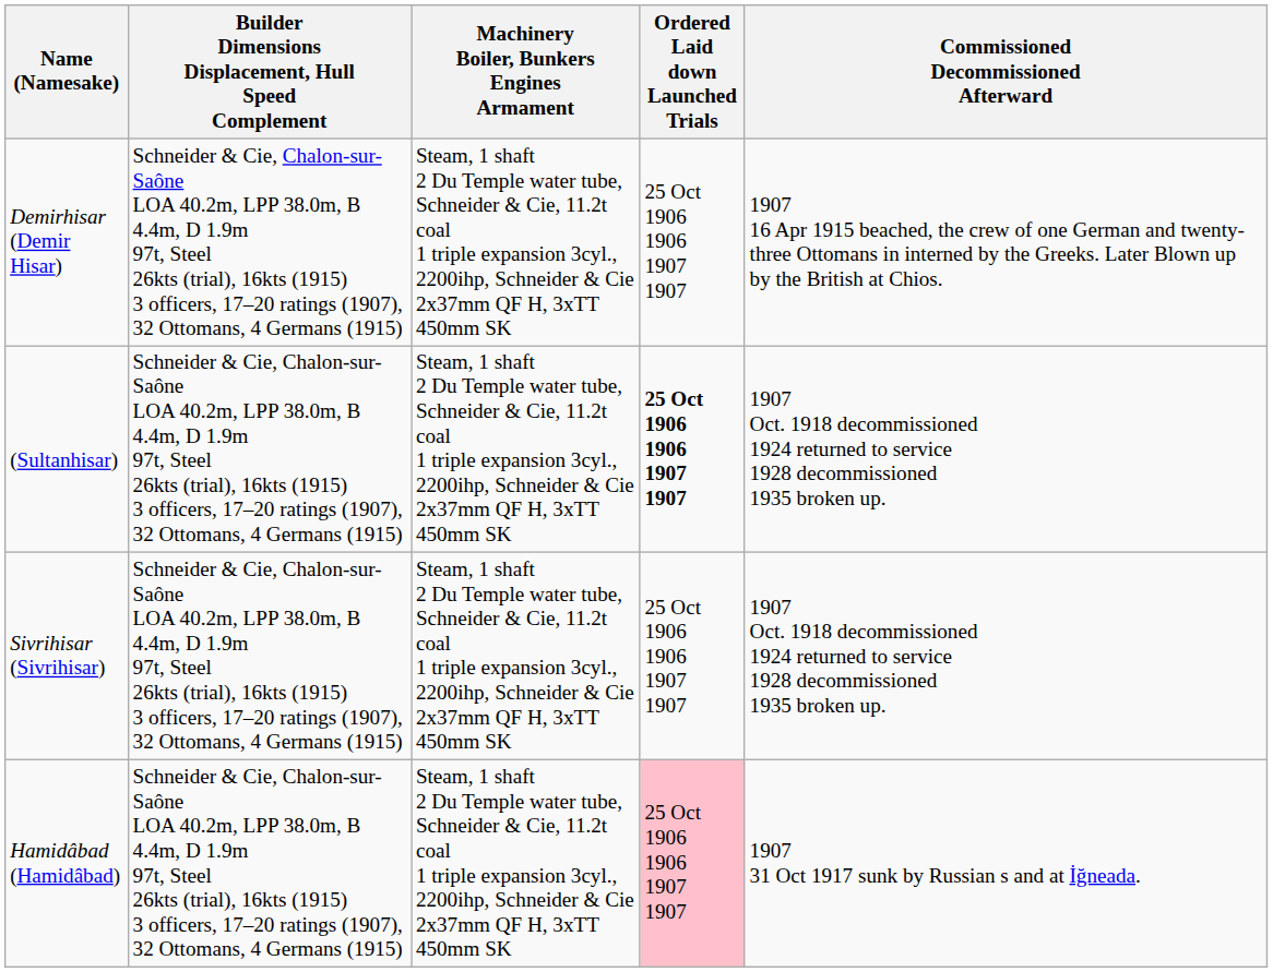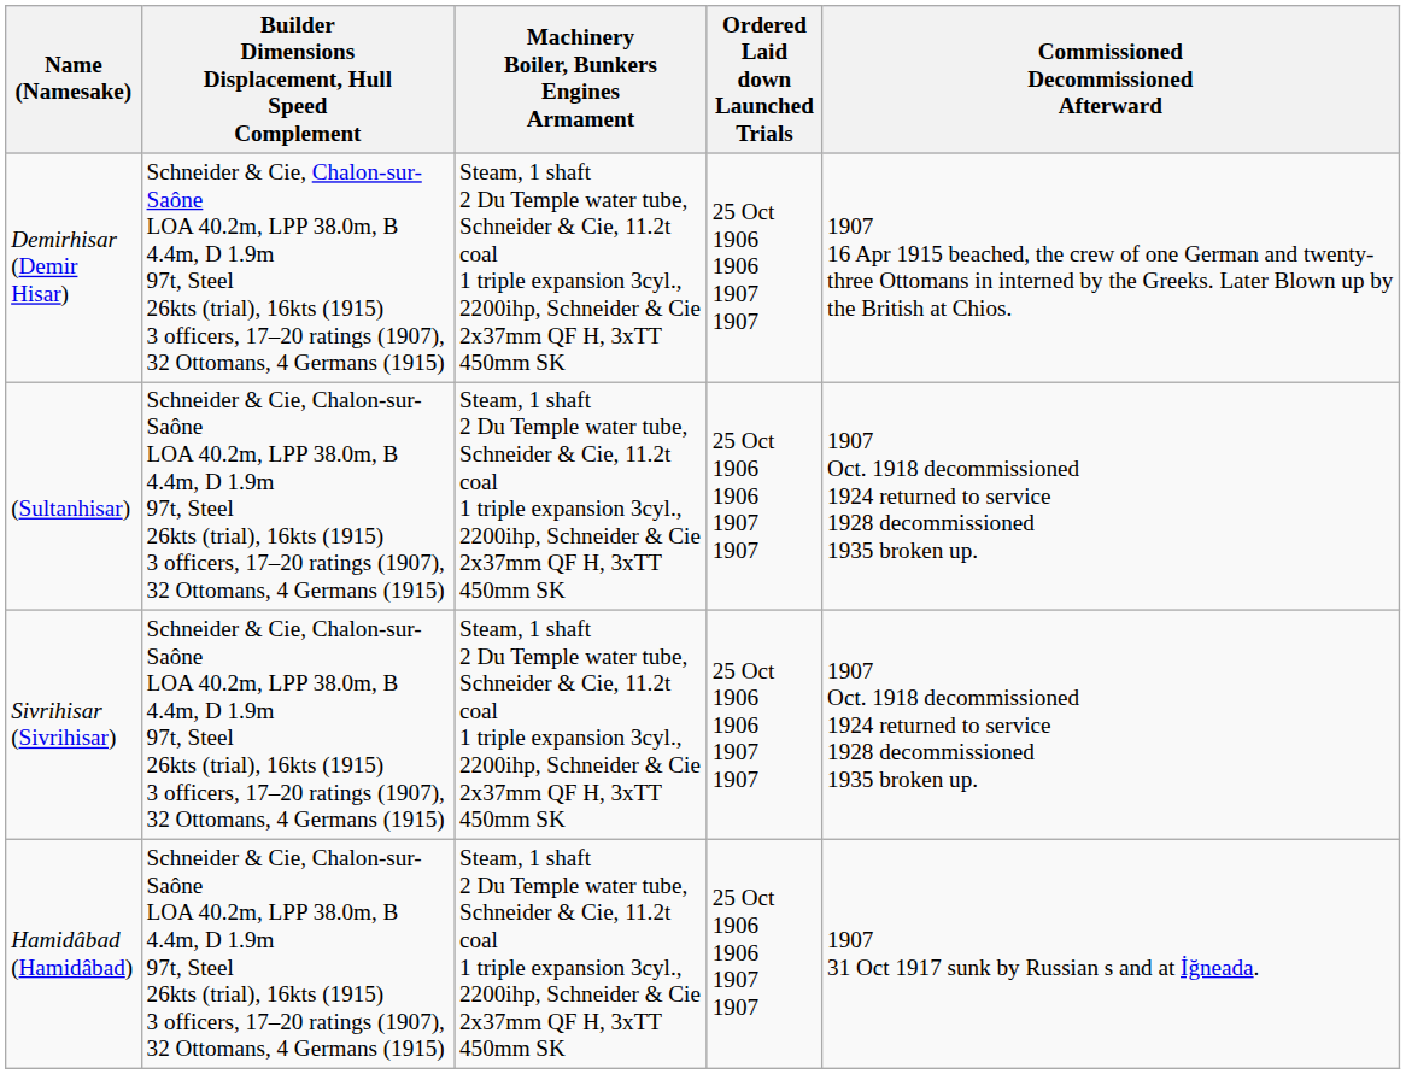 <table class="wikitable" style="font-size:90%;">
 <tr bgcolor="#e6e9ff">
 <th>Name<br>(Namesake)</th>
 <th>Builder<br>Dimensions<br>Displacement, Hull<br>Speed<br>Complement</th>
 <th>Machinery<br>Boiler, Bunkers<br>Engines<br>Armament</th>
 <th>Ordered<br>Laid down<br>Launched<br>Trials</th>
 <th>Commissioned<br>Decommissioned<br>Afterward</th>
 </tr>
 <tr ---->
 <td><em>Demirhisar</em><br>(<a href='#'>Demir Hisar</a>)</td>
 <td> Schneider & Cie, <a href='#'>Chalon-sur-Saône</a><br>LOA 40.2m, LPP 38.0m, B 4.4m, D 1.9m<br>97t, Steel<br>26kts (trial), 16kts (1915)<br>3 officers, 17–20 ratings (1907), 32 Ottomans, 4 Germans (1915)</td>
 <td>Steam, 1 shaft<br>2 Du Temple water tube, Schneider & Cie, 11.2t coal<br>1 triple expansion 3cyl., 2200ihp, Schneider & Cie<br>2x37mm QF H, 3xTT 450mm SK</td>
 <td>25 Oct 1906<br>1906<br>1907<br>1907</td>
 <td>1907<br>16 Apr 1915 beached, the crew of one German and twenty-three Ottomans in interned by the Greeks. Later Blown up by the British at Chios.</td>
 </tr>
 <tr ---->
 <td><br>(<a href='#'>Sultanhisar</a>)</td>
 <td> Schneider & Cie, Chalon-sur-Saône<br>LOA 40.2m, LPP 38.0m, B 4.4m, D 1.9m<br>97t, Steel<br>26kts (trial), 16kts (1915)<br>3 officers, 17–20 ratings (1907), 32 Ottomans, 4 Germans (1915)</td>
 <td>Steam, 1 shaft<br>2 Du Temple water tube, Schneider & Cie, 11.2t coal<br>1 triple expansion 3cyl., 2200ihp, Schneider & Cie<br>2x37mm QF H, 3xTT 450mm SK</td>
-<td><strong>25 Oct 1906<br>1906<br>1907<br>1907</strong></td>
+<td>25 Oct 1906<br>1906<br>1907<br>1907</td>
 <td>1907<br>Oct. 1918 decommissioned<br>1924 returned to service<br>1928 decommissioned<br>1935 broken up.</td>
 </tr>
 <tr ---->
 <td><em>Sivrihisar</em><br>(<a href='#'>Sivrihisar</a>)</td>
 <td> Schneider & Cie, Chalon-sur-Saône<br>LOA 40.2m, LPP 38.0m, B 4.4m, D 1.9m<br>97t, Steel<br>26kts (trial), 16kts (1915)<br>3 officers, 17–20 ratings (1907), 32 Ottomans, 4 Germans (1915)</td>
 <td>Steam, 1 shaft<br>2 Du Temple water tube, Schneider & Cie, 11.2t coal<br>1 triple expansion 3cyl., 2200ihp, Schneider & Cie<br>2x37mm QF H, 3xTT 450mm SK</td>
 <td>25 Oct 1906<br>1906<br>1907<br>1907</td>
 <td>1907<br>Oct. 1918 decommissioned<br>1924 returned to service<br>1928 decommissioned<br>1935 broken up.</td>
 </tr>
 <tr ---->
 <td><em>Hamidâbad</em><br>(<a href='#'>Hamidâbad</a>)</td>
 <td> Schneider & Cie, Chalon-sur-Saône<br>LOA 40.2m, LPP 38.0m, B 4.4m, D 1.9m<br>97t, Steel<br>26kts (trial), 16kts (1915)<br>3 officers, 17–20 ratings (1907), 32 Ottomans, 4 Germans (1915)</td>
 <td>Steam, 1 shaft<br>2 Du Temple water tube, Schneider & Cie, 11.2t coal<br>1 triple expansion 3cyl., 2200ihp, Schneider & Cie<br>2x37mm QF H, 3xTT 450mm SK</td>
-<td style="background: pink;">25 Oct 1906<br>1906<br>1907<br>1907</td>
+<td>25 Oct 1906<br>1906<br>1907<br>1907</td>
 <td>1907<br>31 Oct 1917 sunk by Russian s  and  at <a href='#'>İğneada</a>.</td>
 </tr>
 <tr ---->
 </tr>
 </table>
